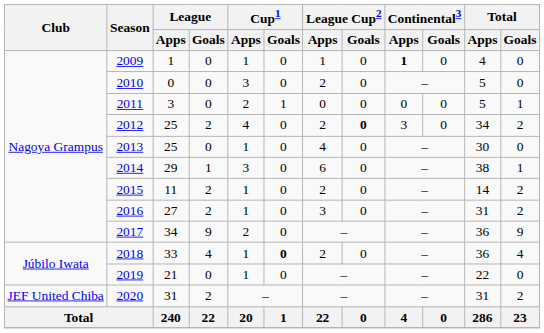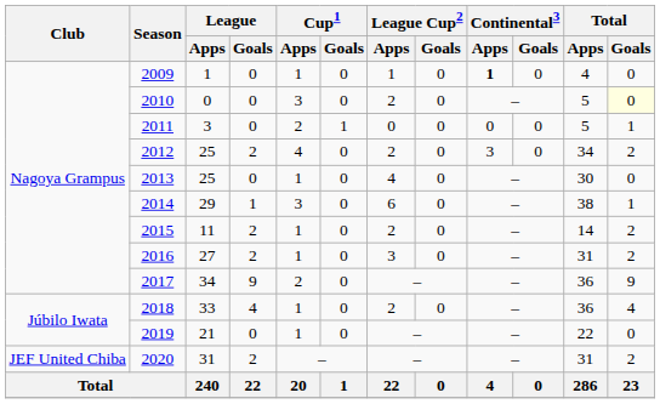 <table class="wikitable" style="text-align:center;">
 <tr>
 <th rowspan="2">Club</th>
 <th rowspan="2">Season</th>
 <th colspan="2">League</th>
 <th colspan="2">Cup<sup><a href='#'>1</a></sup></th>
 <th colspan="2">League Cup<sup><a href='#'>2</a></sup></th>
 <th colspan="2">Continental<sup><a href='#'>3</a></sup></th>
 <th colspan="2">Total</th>
 </tr>
 <tr>
 <th>Apps</th>
 <th>Goals</th>
 <th>Apps</th>
 <th>Goals</th>
 <th>Apps</th>
 <th>Goals</th>
 <th>Apps</th>
 <th>Goals</th>
 <th>Apps</th>
 <th>Goals</th>
 </tr>
 <tr>
 <td rowspan="9"><a href='#'>Nagoya Grampus</a></td>
 <td><a href='#'>2009</a></td>
 <td>1</td>
 <td>0</td>
 <td>1</td>
 <td>0</td>
 <td>1</td>
 <td>0</td>
 <td><strong>1</strong></td>
 <td>0</td>
 <td>4</td>
 <td>0</td>
 </tr>
 <tr>
 <td><a href='#'>2010</a></td>
 <td>0</td>
 <td>0</td>
 <td>3</td>
 <td>0</td>
 <td>2</td>
 <td>0</td>
 <td colspan="2">–</td>
 <td>5</td>
-<td>0</td>
+<td style="background: lightyellow;">0</td>
 </tr>
 <tr>
 <td><a href='#'>2011</a></td>
 <td>3</td>
 <td>0</td>
 <td>2</td>
 <td>1</td>
 <td>0</td>
 <td>0</td>
 <td>0</td>
 <td>0</td>
 <td>5</td>
 <td>1</td>
 </tr>
 <tr>
 <td><a href='#'>2012</a></td>
 <td>25</td>
 <td>2</td>
 <td>4</td>
 <td>0</td>
 <td>2</td>
-<td><strong>0</strong></td>
+<td>0</td>
 <td>3</td>
 <td>0</td>
 <td>34</td>
 <td>2</td>
 </tr>
 <tr>
 <td><a href='#'>2013</a></td>
 <td>25</td>
 <td>0</td>
 <td>1</td>
 <td>0</td>
 <td>4</td>
 <td>0</td>
 <td colspan="2">–</td>
 <td>30</td>
 <td>0</td>
 </tr>
 <tr>
 <td><a href='#'>2014</a></td>
 <td>29</td>
 <td>1</td>
 <td>3</td>
 <td>0</td>
 <td>6</td>
 <td>0</td>
 <td colspan="2">–</td>
 <td>38</td>
 <td>1</td>
 </tr>
 <tr>
 <td><a href='#'>2015</a></td>
 <td>11</td>
 <td>2</td>
 <td>1</td>
 <td>0</td>
 <td>2</td>
 <td>0</td>
 <td colspan="2">–</td>
 <td>14</td>
 <td>2</td>
 </tr>
 <tr>
 <td><a href='#'>2016</a></td>
 <td>27</td>
 <td>2</td>
 <td>1</td>
 <td>0</td>
 <td>3</td>
 <td>0</td>
 <td colspan="2">–</td>
 <td>31</td>
 <td>2</td>
 </tr>
 <tr>
 <td><a href='#'>2017</a></td>
 <td>34</td>
 <td>9</td>
 <td>2</td>
 <td>0</td>
 <td colspan="2">–</td>
 <td colspan="2">–</td>
 <td>36</td>
 <td>9</td>
 </tr>
 <tr>
 <td rowspan="2"><a href='#'>Júbilo Iwata</a></td>
 <td><a href='#'>2018</a></td>
 <td>33</td>
 <td>4</td>
 <td>1</td>
-<td><strong>0</strong></td>
+<td>0</td>
 <td>2</td>
 <td>0</td>
 <td colspan="2">–</td>
 <td>36</td>
 <td>4</td>
 </tr>
 <tr>
 <td><a href='#'>2019</a></td>
 <td>21</td>
 <td>0</td>
 <td>1</td>
 <td>0</td>
 <td colspan="2">–</td>
 <td colspan="2">–</td>
 <td>22</td>
 <td>0</td>
 </tr>
 <tr>
 <td><a href='#'>JEF United Chiba</a></td>
 <td><a href='#'>2020</a></td>
 <td>31</td>
 <td>2</td>
 <td colspan="2">–</td>
 <td colspan="2">–</td>
 <td colspan="2">–</td>
 <td>31</td>
 <td>2</td>
 </tr>
 <tr>
 <th colspan="2">Total</th>
 <th>240</th>
 <th>22</th>
 <th>20</th>
 <th>1</th>
 <th>22</th>
 <th>0</th>
 <th>4</th>
 <th>0</th>
 <th>286</th>
 <th>23</th>
 </tr>
 <tr>
 </tr>
 </table>
